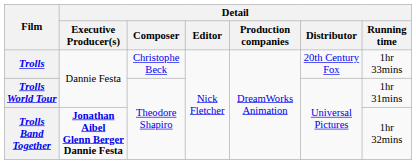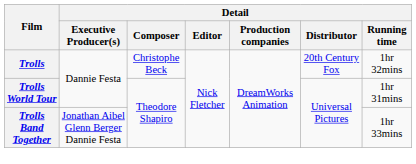 <table class="wikitable sortable" style="text-align:center; width:99%;">
 <tr>
 <th rowspan="2">Film</th>
 <th colspan="6">Detail</th>
 </tr>
 <tr>
 <th>Executive Producer(s)</th>
 <th>Composer</th>
 <th>Editor</th>
 <th style="text-align:center;">Production<br>companies</th>
 <th>Distributor</th>
 <th style="text-align:center;">Running time</th>
 </tr>
 <tr>
 <th><em><a href='#'>Trolls</a></em></th>
 <td rowspan="2">Dannie Festa</td>
 <td><a href='#'>Christophe Beck</a></td>
 <td rowspan="3"><a href='#'>Nick Fletcher</a></td>
 <td rowspan="4"><a href='#'>DreamWorks Animation</a></td>
 <td><a href='#'>20th Century Fox</a></td>
-<td>1hr 33mins</td>
+<td>1hr 32mins<br> </td>
 </tr>
 <tr>
 <th><em><a href='#'>Trolls World Tour</a></em></th>
 <td rowspan="2"><a href='#'>Theodore Shapiro</a></td>
 <td rowspan="3"><a href='#'>Universal Pictures</a></td>
 <td>1hr 31mins</td>
 </tr>
 <tr>
 <th><em><a href='#'>Trolls Band Together</a></em></th>
-<td><strong><a href='#'>Jonathan Aibel</a><br><a href='#'>Glenn Berger</a><br>Dannie Festa</strong></td>
-<td>1hr 32mins<br> </td>
+<td><a href='#'>Jonathan Aibel</a><br><a href='#'>Glenn Berger</a><br>Dannie Festa</td>
+<td>1hr 33mins</td>
 </tr>
 </table>
